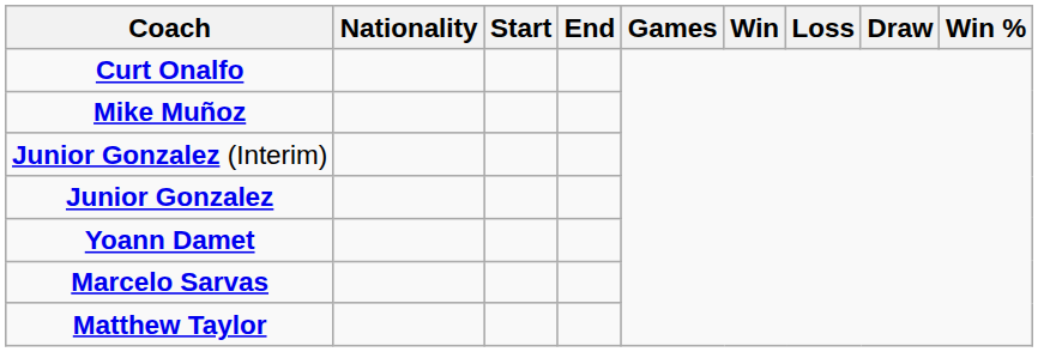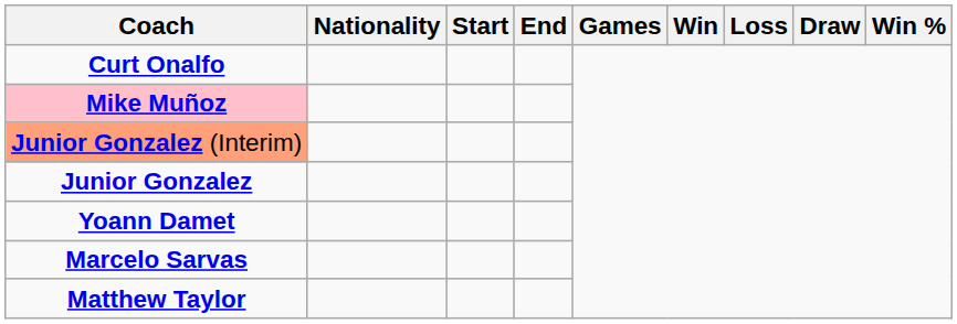 <table class="wikitable sortable" style="text-align:center; margin-left: lem; font-size:90%;">
 <tr>
 <th>Coach</th>
 <th>Nationality</th>
 <th>Start</th>
 <th>End</th>
 <th>Games</th>
 <th><strong>Win</strong></th>
 <th>Loss</th>
 <th>Draw</th>
 <th>Win %</th>
 </tr>
 <tr>
 <td><strong><a href='#'>Curt Onalfo</a></strong></td>
 <td></td>
 <td></td>
 <td><br></td>
 </tr>
 <tr>
-<td><strong><a href='#'>Mike Muñoz</a></strong></td>
+<td style="background: pink;"><strong><a href='#'>Mike Muñoz</a></strong></td>
 <td></td>
 <td></td>
 <td><br></td>
 </tr>
 <tr>
-<td><strong><a href='#'>Junior Gonzalez</a></strong> (Interim)</td>
+<td style="background: lightsalmon;"><strong><a href='#'>Junior Gonzalez</a></strong> (Interim)</td>
 <td></td>
 <td></td>
 <td><br></td>
 </tr>
 <tr>
 <td><strong><a href='#'>Junior Gonzalez</a></strong></td>
 <td></td>
 <td></td>
 <td><br></td>
 </tr>
 <tr>
 <td><strong><a href='#'>Yoann Damet</a></strong></td>
 <td></td>
 <td></td>
 <td><br></td>
 </tr>
 <tr>
 <td><strong><a href='#'>Marcelo Sarvas</a></strong></td>
 <td></td>
 <td></td>
 <td><br></td>
 </tr>
 <tr>
 <td><strong><a href='#'>Matthew Taylor</a></strong></td>
 <td></td>
 <td></td>
 <td><br></td>
 </tr>
 </table>
